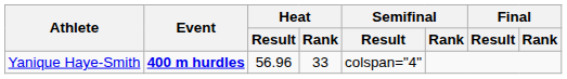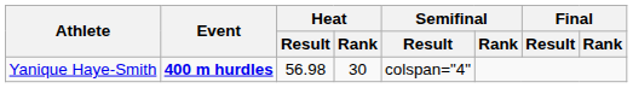 <table class="wikitable" style="font-size:90%">
 <tr>
 <th rowspan="2">Athlete</th>
 <th rowspan="2">Event</th>
 <th colspan="2">Heat</th>
 <th colspan="2">Semifinal</th>
 <th colspan="2">Final</th>
 </tr>
 <tr>
 <th>Result</th>
 <th>Rank</th>
 <th>Result</th>
 <th>Rank</th>
 <th>Result</th>
 <th>Rank</th>
 </tr>
 <tr style=text-align:center>
 <td style=text-align:left><a href='#'>Yanique Haye-Smith</a></td>
 <td style=text-align:left><strong><a href='#'>400 m hurdles</a></strong></td>
-<td>56.96</td>
-<td>33</td>
+<td>56.98</td>
+<td>30</td>
 <td>colspan="4" </td>
 </tr>
 </table>
